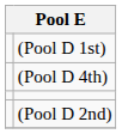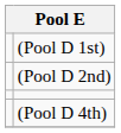 <table class="wikitable">
 <tr>
 <th colspan=2>Pool E</th>
 </tr>
 <tr>
 <td></td>
 <td> (Pool D 1st)</td>
 </tr>
 <tr>
 <td></td>
-<td> (Pool D 4th)</td>
+<td> (Pool D 2nd)</td>
 </tr>
 <tr>
 <td></td>
 <td></td>
 </tr>
 <tr>
 <td></td>
-<td> (Pool D 2nd)</td>
+<td> (Pool D 4th)</td>
 </tr>
 <tr>
 </tr>
 </table>
